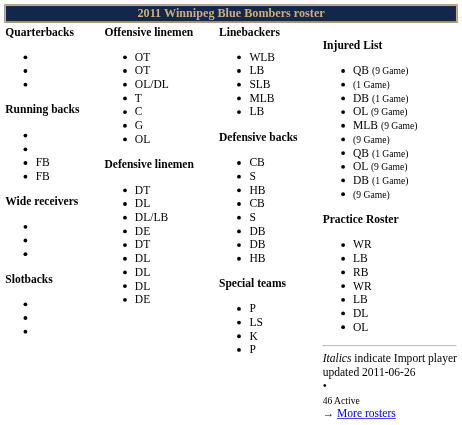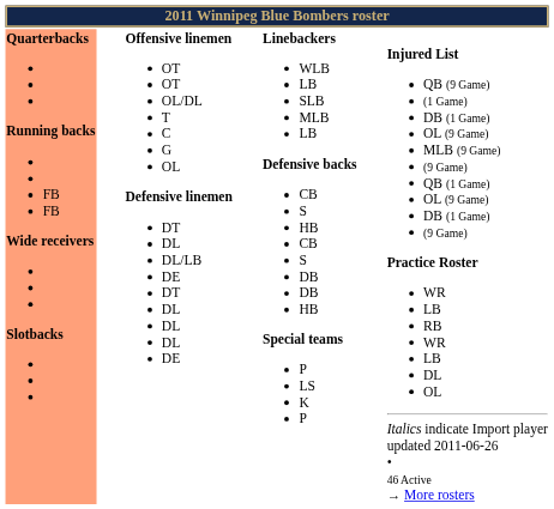 <table class="toccolours" style="text-align: left;">
 <tr>
 <th colspan="7" style="text-align:center; background-color:#13264B; color: #C9AF74; border:2px solid #C9AF74;">2011 Winnipeg Blue Bombers roster</th>
 </tr>
 <tr>
-<td style="font-size: 95%;" valign="top"><strong>Quarterbacks</strong><br><ul><li></li><li></li><li></li></ul><strong>Running backs</strong><ul><li></li><li></li><li> FB</li><li> FB</li></ul><strong>Wide receivers</strong><ul><li></li><li></li><li></li></ul><strong>Slotbacks</strong><ul><li></li><li></li><li></li></ul></td>
+<td style="background: lightsalmon; font-size: 95%;" valign="top"><strong>Quarterbacks</strong><br><ul><li></li><li></li><li></li></ul><strong>Running backs</strong><ul><li></li><li></li><li> FB</li><li> FB</li></ul><strong>Wide receivers</strong><ul><li></li><li></li><li></li></ul><strong>Slotbacks</strong><ul><li></li><li></li><li></li></ul></td>
 <td style="width: 25px;"></td>
 <td style="font-size: 95%;" valign="top"><strong>Offensive linemen</strong><br><ul><li> OT</li><li> OT</li><li> OL/DL</li><li> T</li><li> C</li><li> G</li><li> OL</li></ul><strong>Defensive linemen</strong><ul><li> DT</li><li> DL</li><li> DL/LB</li><li> DE</li><li> DT</li><li> DL</li><li> DL</li><li> DL</li><li> DE</li></ul></td>
 <td style="width: 25px;"></td>
 <td style="font-size: 95%;" valign="top"><strong>Linebackers</strong><br><ul><li> WLB</li><li> LB</li><li> SLB</li><li> MLB</li><li> LB</li></ul><strong>Defensive backs</strong><ul><li> CB</li><li> S</li><li> HB</li><li> CB</li><li> S</li><li> DB</li><li> DB</li><li> HB</li></ul><strong>Special teams</strong><ul><li> P</li><li> LS</li><li> K</li><li> P</li></ul></td>
 <td style="width: 25px;"></td>
 <td style="font-size: 95%;" valign="top"><br><strong>Injured List</strong><ul><li> QB  <small>(9 Game)</small></li><li>  <small>(1 Game)</small></li><li> DB  <small>(1 Game)</small></li><li> OL  <small>(9 Game)</small></li><li> MLB  <small>(9 Game)</small></li><li>  <small>(9 Game)</small></li><li> QB  <small>(1 Game)</small></li><li> OL  <small>(9 Game)</small></li><li> DB  <small>(1 Game)</small></li><li>  <small>(9 Game)</small></li></ul><strong>Practice Roster</strong><ul><li> WR</li><li> LB</li><li> RB</li><li> WR</li><li> LB</li><li> DL</li><li> OL</li></ul><hr> <em>Italics</em> indicate Import player<br> <span></span> updated 2011-06-26<br> <span></span> • <span></span><br> <small>46 Active</small><br>→ <a href='#'>More rosters</a></td>
 </tr>
 <tr>
 </tr>
 </table>
